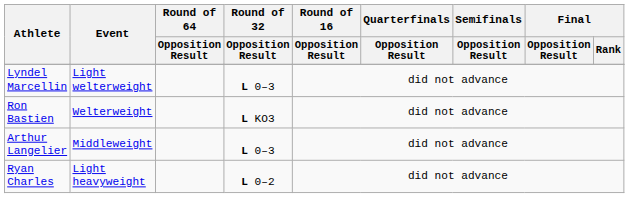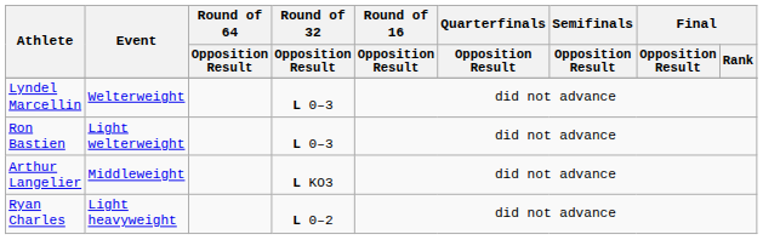 <table class="wikitable" style="font-size:90%;">
 <tr>
 <th rowspan=2>Athlete</th>
 <th rowspan=2>Event</th>
 <th>Round of 64</th>
 <th>Round of 32</th>
 <th>Round of 16</th>
 <th>Quarterfinals</th>
 <th>Semifinals</th>
 <th colspan=2>Final</th>
 </tr>
 <tr style="font-size:95%">
 <th>Opposition<br>Result</th>
 <th>Opposition<br>Result</th>
 <th>Opposition<br>Result</th>
 <th>Opposition<br>Result</th>
 <th>Opposition<br>Result</th>
 <th>Opposition<br>Result</th>
 <th>Rank</th>
 </tr>
 <tr>
 </tr>
 <tr align=center>
 <td align=left><a href='#'>Lyndel Marcellin</a></td>
+<td align=left><a href='#'>Welterweight</a></td>
+<td></td>
+<td><br><strong>L</strong> 0–3</td>
+<td colspan=5>did not advance</td>
+</tr>
+<tr align=center>
+<td align=left><a href='#'>Ron Bastien</a></td>
 <td align=left><a href='#'>Light welterweight</a></td>
 <td></td>
 <td><br><strong>L</strong> 0–3</td>
 <td colspan=5>did not advance</td>
 </tr>
 <tr align=center>
-<td align=left><a href='#'>Ron Bastien</a></td>
-<td align=left><a href='#'>Welterweight</a></td>
-<td></td>
-<td><br><strong>L</strong> KO3</td>
-<td colspan=5>did not advance</td>
-</tr>
-<tr align=center>
 <td align=left><a href='#'>Arthur Langelier</a></td>
 <td align=left><a href='#'>Middleweight</a></td>
 <td></td>
-<td><br><strong>L</strong> 0–3</td>
+<td><br><strong>L</strong> KO3</td>
 <td colspan=5>did not advance</td>
 </tr>
 <tr align=center>
 <td align=left><a href='#'>Ryan Charles</a></td>
 <td align=left><a href='#'>Light heavyweight</a></td>
 <td></td>
 <td><br><strong>L</strong> 0–2</td>
 <td colspan=5>did not advance</td>
 </tr>
 </table>
